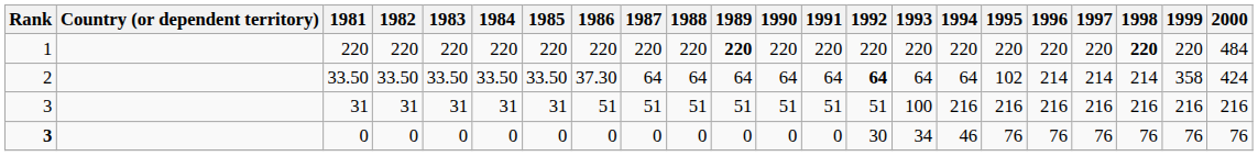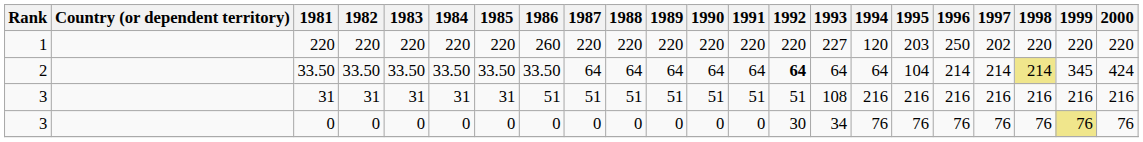 <table class="sortable wikitable" style="text-align: right">
 <tr>
 <th>Rank</th>
 <th>Country (or dependent territory)</th>
 <th>1981</th>
 <th>1982</th>
 <th>1983</th>
 <th>1984</th>
 <th>1985</th>
 <th>1986</th>
 <th>1987</th>
 <th>1988</th>
 <th>1989</th>
 <th>1990</th>
 <th>1991</th>
 <th>1992</th>
 <th>1993</th>
 <th>1994</th>
 <th>1995</th>
 <th>1996</th>
 <th>1997</th>
 <th>1998</th>
 <th>1999</th>
 <th>2000</th>
 </tr>
 <tr>
 <td>1</td>
 <td align=left></td>
 <td>220</td>
 <td>220</td>
 <td>220</td>
 <td>220</td>
 <td>220</td>
-<td>220</td>
-<td>220</td>
-<td>220</td>
-<td><strong>220</strong></td>
+<td>260</td>
 <td>220</td>
 <td>220</td>
 <td>220</td>
 <td>220</td>
 <td>220</td>
 <td>220</td>
+<td>227</td>
+<td>120</td>
+<td>203</td>
+<td>250</td>
+<td>202</td>
 <td>220</td>
 <td>220</td>
-<td><strong>220</strong></td>
 <td>220</td>
-<td>484</td>
 </tr>
 <tr>
 <td>2</td>
 <td align=left></td>
 <td>33.50</td>
 <td>33.50</td>
 <td>33.50</td>
 <td>33.50</td>
 <td>33.50</td>
-<td>37.30</td>
+<td>33.50</td>
 <td>64</td>
 <td>64</td>
 <td>64</td>
 <td>64</td>
 <td>64</td>
 <td><strong>64</strong></td>
 <td>64</td>
 <td>64</td>
-<td>102</td>
+<td>104</td>
 <td>214</td>
 <td>214</td>
-<td>214</td>
-<td>358</td>
+<td style="background: khaki;">214</td>
+<td>345</td>
 <td>424</td>
 </tr>
 <tr>
 <td>3</td>
 <td align=left></td>
 <td>31</td>
 <td>31</td>
 <td>31</td>
 <td>31</td>
 <td>31</td>
 <td>51</td>
 <td>51</td>
 <td>51</td>
 <td>51</td>
 <td>51</td>
 <td>51</td>
 <td>51</td>
-<td>100</td>
+<td>108</td>
 <td>216</td>
 <td>216</td>
 <td>216</td>
 <td>216</td>
 <td>216</td>
 <td>216</td>
 <td>216</td>
 </tr>
 <tr>
-<td><strong>3</strong></td>
+<td>3</td>
 <td align=left></td>
 <td>0</td>
 <td>0</td>
 <td>0</td>
 <td>0</td>
 <td>0</td>
 <td>0</td>
 <td>0</td>
 <td>0</td>
 <td>0</td>
 <td>0</td>
 <td>0</td>
 <td>30</td>
 <td>34</td>
-<td>46</td>
 <td>76</td>
 <td>76</td>
 <td>76</td>
 <td>76</td>
 <td>76</td>
+<td style="background: khaki;">76</td>
 <td>76</td>
 </tr>
 <tr>
 </tr>
 </table>
